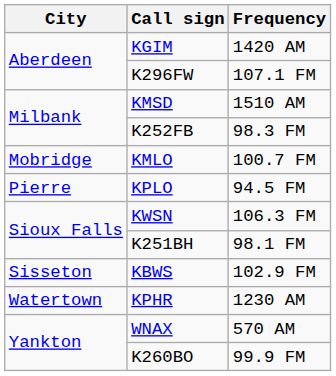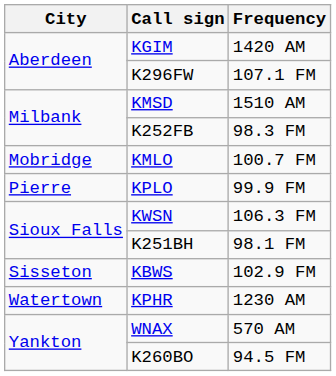 <table class="wikitable">
 <tr>
 <th>City</th>
 <th>Call sign</th>
 <th>Frequency</th>
 </tr>
 <tr>
 <td rowspan="2"><a href='#'>Aberdeen</a></td>
 <td><a href='#'>KGIM</a></td>
 <td>1420 AM</td>
 </tr>
 <tr>
 <td>K296FW</td>
 <td>107.1 FM</td>
 </tr>
 <tr>
 <td rowspan="2"><a href='#'>Milbank</a></td>
 <td><a href='#'>KMSD</a></td>
 <td>1510 AM</td>
 </tr>
 <tr>
 <td>K252FB</td>
 <td>98.3 FM</td>
 </tr>
 <tr>
 <td><a href='#'>Mobridge</a></td>
 <td><a href='#'>KMLO</a></td>
 <td>100.7 FM</td>
 </tr>
 <tr>
 <td><a href='#'>Pierre</a></td>
 <td><a href='#'>KPLO</a></td>
-<td>94.5 FM</td>
+<td>99.9 FM</td>
 </tr>
 <tr>
 <td rowspan="2"><a href='#'>Sioux Falls</a></td>
 <td><a href='#'>KWSN</a></td>
 <td>106.3 FM</td>
 </tr>
 <tr>
 <td>K251BH</td>
 <td>98.1 FM</td>
 </tr>
 <tr>
 <td><a href='#'>Sisseton</a></td>
 <td><a href='#'>KBWS</a></td>
 <td>102.9 FM</td>
 </tr>
 <tr>
 <td><a href='#'>Watertown</a></td>
 <td><a href='#'>KPHR</a></td>
 <td>1230 AM</td>
 </tr>
 <tr>
 <td rowspan="2"><a href='#'>Yankton</a></td>
 <td><a href='#'>WNAX</a></td>
 <td>570 AM</td>
 </tr>
 <tr>
 <td>K260BO</td>
-<td>99.9 FM</td>
+<td>94.5 FM</td>
 </tr>
 </table>
